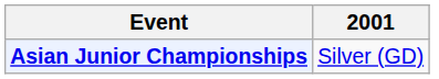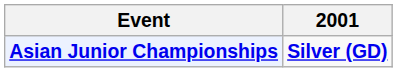 <table style='font-size: 90%; text-align:center;' class='wikitable'>
 <tr>
 <th>Event</th>
 <th>2001</th>
 </tr>
 <tr>
 <td bgcolor="#ECF2FF"; align="left"><strong><a href='#'>Asian Junior Championships</a></strong></td>
-<td> <a href='#'>Silver (GD)</a></td>
+<td><strong> <a href='#'>Silver (GD)</a></strong></td>
 </tr>
 </table>
